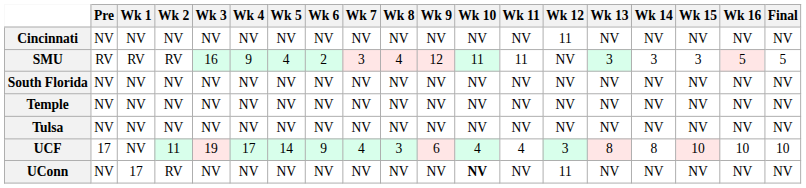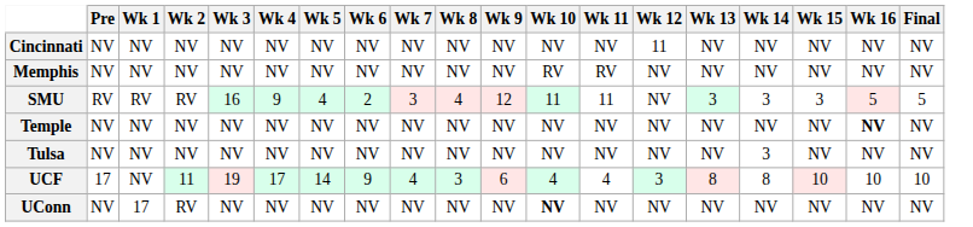 <table class="wikitable" style="white-space:nowrap;font-size:90%;">
 <tr>
 <th colspan=1 style="background:white; border-top-style:hidden; border-left-style:hidden;"> </th>
 <th>Pre <br></th>
 <th>Wk 1 <br></th>
 <th>Wk 2 <br></th>
 <th>Wk 3 <br></th>
 <th>Wk 4 <br></th>
 <th>Wk 5 <br></th>
 <th>Wk 6 <br></th>
 <th>Wk 7 <br></th>
 <th>Wk 8 <br></th>
 <th>Wk 9 <br></th>
 <th>Wk 10 <br></th>
 <th>Wk 11 <br></th>
 <th>Wk 12 <br></th>
 <th>Wk 13 <br></th>
 <th>Wk 14 <br></th>
 <th>Wk 15 <br></th>
 <th>Wk 16 <br></th>
 <th>Final</th>
 </tr>
 <tr style="text-align:center;">
 <th>Cincinnati</th>
 <td style="background:#FFF;">NV</td>
 <td style="background:#FFF;">NV</td>
 <td style="background:#FFF;">NV</td>
 <td style="background:#FFF;">NV</td>
 <td style="background:#FFF;">NV</td>
 <td style="background:#FFF;">NV</td>
 <td style="background:#FFF;">NV</td>
 <td style="background:#FFF;">NV</td>
 <td style="background:#FFF;">NV</td>
 <td style="background:#FFF;">NV</td>
 <td style="background:#FFF;">NV</td>
 <td style="background:#FFF;">NV</td>
 <td style="background:#FFF;">11</td>
 <td style="background:#FFF;">NV</td>
 <td style="background:#FFF;">NV</td>
 <td style="background:#FFF;">NV</td>
 <td style="background:#FFF;">NV</td>
 <td style="background:#FFF;">NV</td>
 </tr>
 <tr style="text-align:center;">
+<th>Memphis</th>
+<td style="background:#FFF;">NV</td>
+<td style="background:#FFF;">NV</td>
+<td style="background:#FFF;">NV</td>
+<td style="background:#FFF;">NV</td>
+<td style="background:#FFF;">NV</td>
+<td style="background:#FFF;">NV</td>
+<td style="background:#FFF;">NV</td>
+<td style="background:#FFF;">NV</td>
+<td style="background:#FFF;">NV</td>
+<td style="background:#FFF;">NV</td>
+<td style="background:#FFF;">RV</td>
+<td style="background:#FFF;">RV</td>
+<td style="background:#FFF;">NV</td>
+<td style="background:#FFF;">NV</td>
+<td style="background:#FFF;">NV</td>
+<td style="background:#FFF;">NV</td>
+<td style="background:#FFF;">NV</td>
+<td style="background:#FFF;">NV</td>
+</tr>
+<tr style="text-align:center;">
 <th>SMU</th>
 <td style="background:#FFF;">RV</td>
 <td style="background:#FFF;">RV</td>
 <td style="background:#FFF;">RV</td>
 <td style="background:#d8ffeb;">16</td>
 <td style="background:#d8ffeb;">9</td>
 <td style="background:#d8ffeb;">4</td>
 <td style="background:#d8ffeb;">2</td>
 <td style="background:#ffe6e6;">3</td>
 <td style="background:#ffe6e6;">4</td>
 <td style="background:#ffe6e6;">12</td>
 <td style="background:#d8ffeb;">11</td>
 <td style="background:#FFF;">11</td>
 <td style="background:#FFF;">NV</td>
 <td style="background:#d8ffeb;">3</td>
 <td style="background:#FFF;">3</td>
 <td style="background:#FFF;">3</td>
 <td style="background:#ffe6e6;">5</td>
 <td style="background:#FFF;">5</td>
 </tr>
 <tr style="text-align:center;">
-<th>South Florida</th>
-<td style="background:#FFF;">NV</td>
-<td style="background:#FFF;">NV</td>
-<td style="background:#FFF;">NV</td>
-<td style="background:#FFF;">NV</td>
-<td style="background:#FFF;">NV</td>
-<td style="background:#FFF;">NV</td>
-<td style="background:#FFF;">NV</td>
-<td style="background:#FFF;">NV</td>
-<td style="background:#FFF;">NV</td>
-<td style="background:#FFF;">NV</td>
-<td style="background:#FFF;">NV</td>
-<td style="background:#FFF;">NV</td>
-<td style="background:#FFF;">NV</td>
-<td style="background:#FFF;">NV</td>
-<td style="background:#FFF;">NV</td>
-<td style="background:#FFF;">NV</td>
-<td style="background:#FFF;">NV</td>
-<td style="background:#FFF;">NV</td>
-</tr>
-<tr style="text-align:center;">
 <th>Temple</th>
 <td style="background:#FFF;">NV</td>
 <td style="background:#FFF;">NV</td>
 <td style="background:#FFF;">NV</td>
 <td style="background:#FFF;">NV</td>
 <td style="background:#FFF;">NV</td>
 <td style="background:#FFF;">NV</td>
 <td style="background:#FFF;">NV</td>
 <td style="background:#FFF;">NV</td>
 <td style="background:#FFF;">NV</td>
 <td style="background:#FFF;">NV</td>
 <td style="background:#FFF;">NV</td>
 <td style="background:#FFF;">NV</td>
 <td style="background:#FFF;">NV</td>
 <td style="background:#FFF;">NV</td>
 <td style="background:#FFF;">NV</td>
 <td style="background:#FFF;">NV</td>
-<td style="background:#FFF;">NV</td>
+<td style="background:#FFF;"><strong>NV</strong></td>
 <td style="background:#FFF;">NV</td>
 </tr>
 <tr style="text-align:center;">
 <th>Tulsa</th>
 <td style="background:#FFF;">NV</td>
 <td style="background:#FFF;">NV</td>
 <td style="background:#FFF;">NV</td>
 <td style="background:#FFF;">NV</td>
 <td style="background:#FFF;">NV</td>
 <td style="background:#FFF;">NV</td>
 <td style="background:#FFF;">NV</td>
 <td style="background:#FFF;">NV</td>
 <td style="background:#FFF;">NV</td>
 <td style="background:#FFF;">NV</td>
 <td style="background:#FFF;">NV</td>
 <td style="background:#FFF;">NV</td>
 <td style="background:#FFF;">NV</td>
 <td style="background:#FFF;">NV</td>
-<td style="background:#FFF;">NV</td>
+<td style="background:#FFF;">3</td>
 <td style="background:#FFF;">NV</td>
 <td style="background:#FFF;">NV</td>
 <td style="background:#FFF;">NV</td>
 </tr>
 <tr style="text-align:center;">
 <th>UCF</th>
 <td style="background:#FFF;">17</td>
 <td style="background:#FFF;">NV</td>
 <td style="background:#d8ffeb;">11</td>
 <td style="background:#ffe6e6;">19</td>
 <td style="background:#d8ffeb;">17</td>
 <td style="background:#d8ffeb;">14</td>
 <td style="background:#d8ffeb;">9</td>
 <td style="background:#d8ffeb;">4</td>
 <td style="background:#d8ffeb;">3</td>
 <td style="background:#ffe6e6;">6</td>
 <td style="background:#d8ffeb;">4</td>
 <td style="background:#FFF;">4</td>
 <td style="background:#d8ffeb;">3</td>
 <td style="background:#ffe6e6;">8</td>
 <td style="background:#FFF;">8</td>
 <td style="background:#ffe6e6;">10</td>
 <td style="background:#FFF;">10</td>
 <td style="background:#FFF;">10</td>
 </tr>
 <tr style="text-align:center;">
 <th>UConn</th>
 <td style="background:#FFF;">NV</td>
 <td style="background:#FFF;">17</td>
 <td style="background:#FFF;">RV</td>
 <td style="background:#FFF;">NV</td>
 <td style="background:#FFF;">NV</td>
 <td style="background:#FFF;">NV</td>
 <td style="background:#FFF;">NV</td>
 <td style="background:#FFF;">NV</td>
 <td style="background:#FFF;">NV</td>
 <td style="background:#FFF;">NV</td>
 <td style="background:#FFF;"><strong>NV</strong></td>
 <td style="background:#FFF;">NV</td>
-<td style="background:#FFF;">11</td>
+<td style="background:#FFF;">NV</td>
 <td style="background:#FFF;">NV</td>
 <td style="background:#FFF;">NV</td>
 <td style="background:#FFF;">NV</td>
 <td style="background:#FFF;">NV</td>
 <td style="background:#FFF;">NV</td>
 </tr>
 </table>
